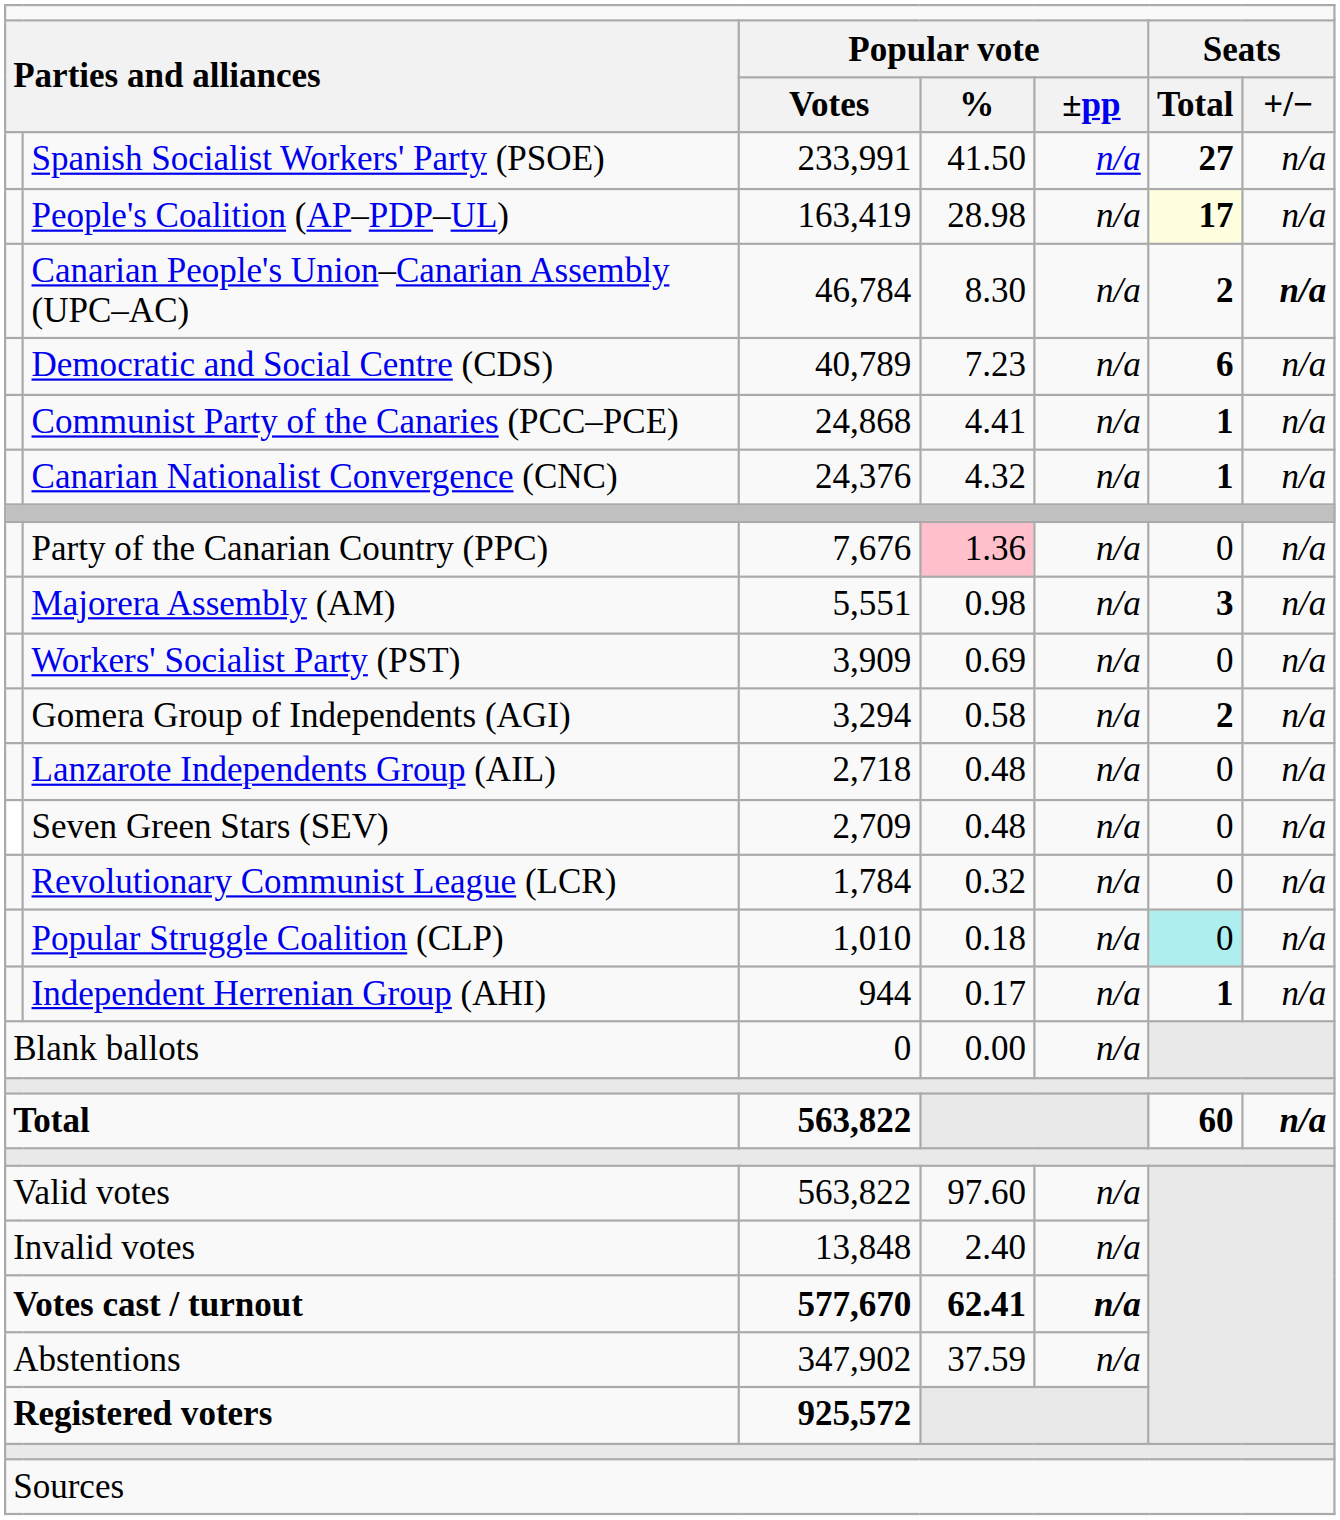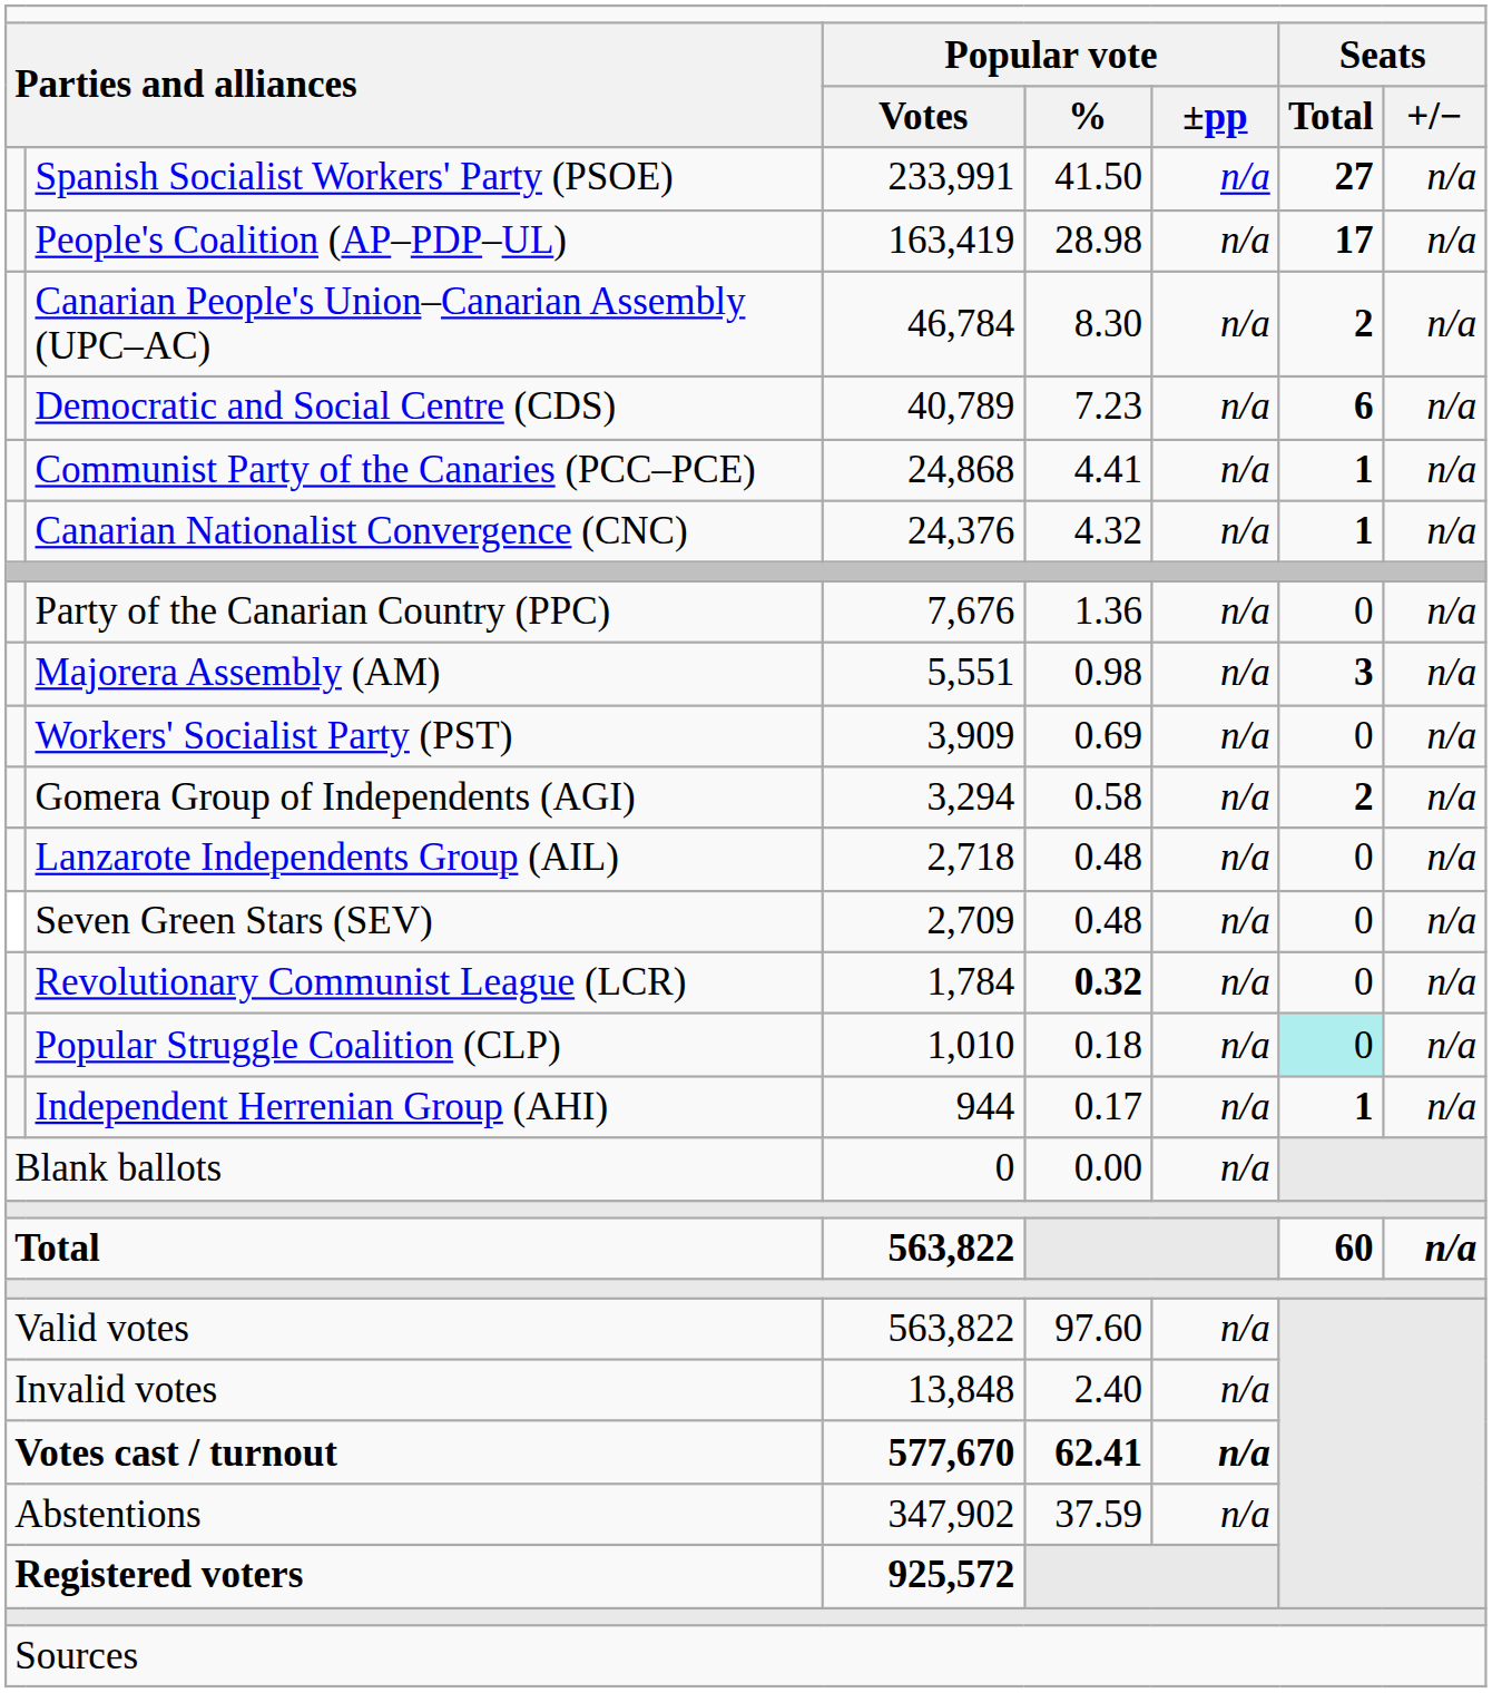 <table class="wikitable" style="text-align:right;">
 <tr>
 <td colspan="7"></td>
 </tr>
 <tr>
 <th style="text-align:left;" rowspan="2" colspan="2" width="525">Parties and alliances</th>
 <th colspan="3">Popular vote</th>
 <th colspan="2">Seats</th>
 </tr>
 <tr>
 <th width="75">Votes</th>
 <th width="45">%</th>
 <th width="45">±<a href='#'>pp</a></th>
 <th width="35">Total</th>
 <th width="35">+/−</th>
 </tr>
 <tr>
 <td width="1" style="color:inherit;background:"></td>
 <td align="left"><a href='#'>Spanish Socialist Workers' Party</a> (PSOE)</td>
 <td>233,991</td>
 <td>41.50</td>
 <td><em><a href='#'>n/a</a></em></td>
 <td><strong>27</strong></td>
 <td><em>n/a</em></td>
 </tr>
 <tr>
 <td style="color:inherit;background:"></td>
 <td align="left"><a href='#'>People's Coalition</a> (<a href='#'>AP</a>–<a href='#'>PDP</a>–<a href='#'>UL</a>)</td>
 <td>163,419</td>
 <td>28.98</td>
 <td><em>n/a</em></td>
-<td style="background: lightyellow;"><strong>17</strong></td>
+<td><strong>17</strong></td>
 <td><em>n/a</em></td>
 </tr>
 <tr>
 <td style="color:inherit;background:"></td>
 <td align="left"><a href='#'>Canarian People's Union</a>–<a href='#'>Canarian Assembly</a> (UPC–AC)</td>
 <td>46,784</td>
 <td>8.30</td>
 <td><em>n/a</em></td>
 <td><strong>2</strong></td>
-<td><strong><em>n/a</em></strong></td>
+<td><em>n/a</em></td>
 </tr>
 <tr>
 <td style="color:inherit;background:"></td>
 <td align="left"><a href='#'>Democratic and Social Centre</a> (CDS)</td>
 <td>40,789</td>
 <td>7.23</td>
 <td><em>n/a</em></td>
 <td><strong>6</strong></td>
 <td><em>n/a</em></td>
 </tr>
 <tr>
 <td style="color:inherit;background:"></td>
 <td align="left"><a href='#'>Communist Party of the Canaries</a> (PCC–PCE)</td>
 <td>24,868</td>
 <td>4.41</td>
 <td><em>n/a</em></td>
 <td><strong>1</strong></td>
 <td><em>n/a</em></td>
 </tr>
 <tr>
 <td style="color:inherit;background:"></td>
 <td align="left"><a href='#'>Canarian Nationalist Convergence</a> (CNC)</td>
 <td>24,376</td>
 <td>4.32</td>
 <td><em>n/a</em></td>
 <td><strong>1</strong></td>
 <td><em>n/a</em></td>
 </tr>
 <tr>
 <td colspan="7" bgcolor="#C0C0C0"></td>
 </tr>
 <tr>
 <td style="color:inherit;background:"></td>
 <td align="left">Party of the Canarian Country (PPC)</td>
 <td>7,676</td>
-<td style="background: pink;">1.36</td>
+<td>1.36</td>
 <td><em>n/a</em></td>
 <td>0</td>
 <td><em>n/a</em></td>
 </tr>
 <tr>
 <td style="color:inherit;background:"></td>
 <td align="left"><a href='#'>Majorera Assembly</a> (AM)</td>
 <td>5,551</td>
 <td>0.98</td>
 <td><em>n/a</em></td>
 <td><strong>3</strong></td>
 <td><em>n/a</em></td>
 </tr>
 <tr>
 <td style="color:inherit;background:"></td>
 <td align="left"><a href='#'>Workers' Socialist Party</a> (PST)</td>
 <td>3,909</td>
 <td>0.69</td>
 <td><em>n/a</em></td>
 <td>0</td>
 <td><em>n/a</em></td>
 </tr>
 <tr>
 <td style="color:inherit;background:"></td>
 <td align="left">Gomera Group of Independents (AGI)</td>
 <td>3,294</td>
 <td>0.58</td>
 <td><em>n/a</em></td>
 <td><strong>2</strong></td>
 <td><em>n/a</em></td>
 </tr>
 <tr>
 <td style="color:inherit;background:"></td>
 <td align="left"><a href='#'>Lanzarote Independents Group</a> (AIL)</td>
 <td>2,718</td>
 <td>0.48</td>
 <td><em>n/a</em></td>
 <td>0</td>
 <td><em>n/a</em></td>
 </tr>
 <tr>
 <td bgcolor="white"></td>
 <td align="left">Seven Green Stars (SEV)</td>
 <td>2,709</td>
 <td>0.48</td>
 <td><em>n/a</em></td>
 <td>0</td>
 <td><em>n/a</em></td>
 </tr>
 <tr>
 <td style="color:inherit;background:"></td>
 <td align="left"><a href='#'>Revolutionary Communist League</a> (LCR)</td>
 <td>1,784</td>
-<td>0.32</td>
+<td><strong>0.32</strong></td>
 <td><em>n/a</em></td>
 <td>0</td>
 <td><em>n/a</em></td>
 </tr>
 <tr>
 <td style="color:inherit;background:"></td>
 <td align="left"><a href='#'>Popular Struggle Coalition</a> (CLP)</td>
 <td>1,010</td>
 <td>0.18</td>
 <td><em>n/a</em></td>
 <td style="background: paleturquoise;">0</td>
 <td><em>n/a</em></td>
 </tr>
 <tr>
 <td style="color:inherit;background:"></td>
 <td align="left"><a href='#'>Independent Herrenian Group</a> (AHI)</td>
 <td>944</td>
 <td>0.17</td>
 <td><em>n/a</em></td>
 <td><strong>1</strong></td>
 <td><em>n/a</em></td>
 </tr>
 <tr>
 <td align="left" colspan="2">Blank ballots</td>
 <td>0</td>
 <td>0.00</td>
 <td><em>n/a</em></td>
 <td bgcolor="#E9E9E9" colspan="2"></td>
 </tr>
 <tr>
 <td colspan="7" bgcolor="#E9E9E9"></td>
 </tr>
 <tr style="font-weight:bold;">
 <td align="left" colspan="2">Total</td>
 <td>563,822</td>
 <td bgcolor="#E9E9E9" colspan="2"></td>
 <td>60</td>
 <td><em>n/a</em></td>
 </tr>
 <tr>
 <td colspan="7" bgcolor="#E9E9E9"></td>
 </tr>
 <tr>
 <td align="left" colspan="2">Valid votes</td>
 <td>563,822</td>
 <td>97.60</td>
 <td><em>n/a</em></td>
 <td bgcolor="#E9E9E9" colspan="2" rowspan="5"></td>
 </tr>
 <tr>
 <td align="left" colspan="2">Invalid votes</td>
 <td>13,848</td>
 <td>2.40</td>
 <td><em>n/a</em></td>
 </tr>
 <tr style="font-weight:bold;">
 <td align="left" colspan="2">Votes cast / turnout</td>
 <td>577,670</td>
 <td>62.41</td>
 <td><em>n/a</em></td>
 </tr>
 <tr>
 <td align="left" colspan="2">Abstentions</td>
 <td>347,902</td>
 <td>37.59</td>
 <td><em>n/a</em></td>
 </tr>
 <tr style="font-weight:bold;">
 <td align="left" colspan="2">Registered voters</td>
 <td>925,572</td>
 <td bgcolor="#E9E9E9" colspan="2"></td>
 </tr>
 <tr>
 <td colspan="7" bgcolor="#E9E9E9"></td>
 </tr>
 <tr>
 <td align="left" colspan="7">Sources</td>
 </tr>
 </table>
